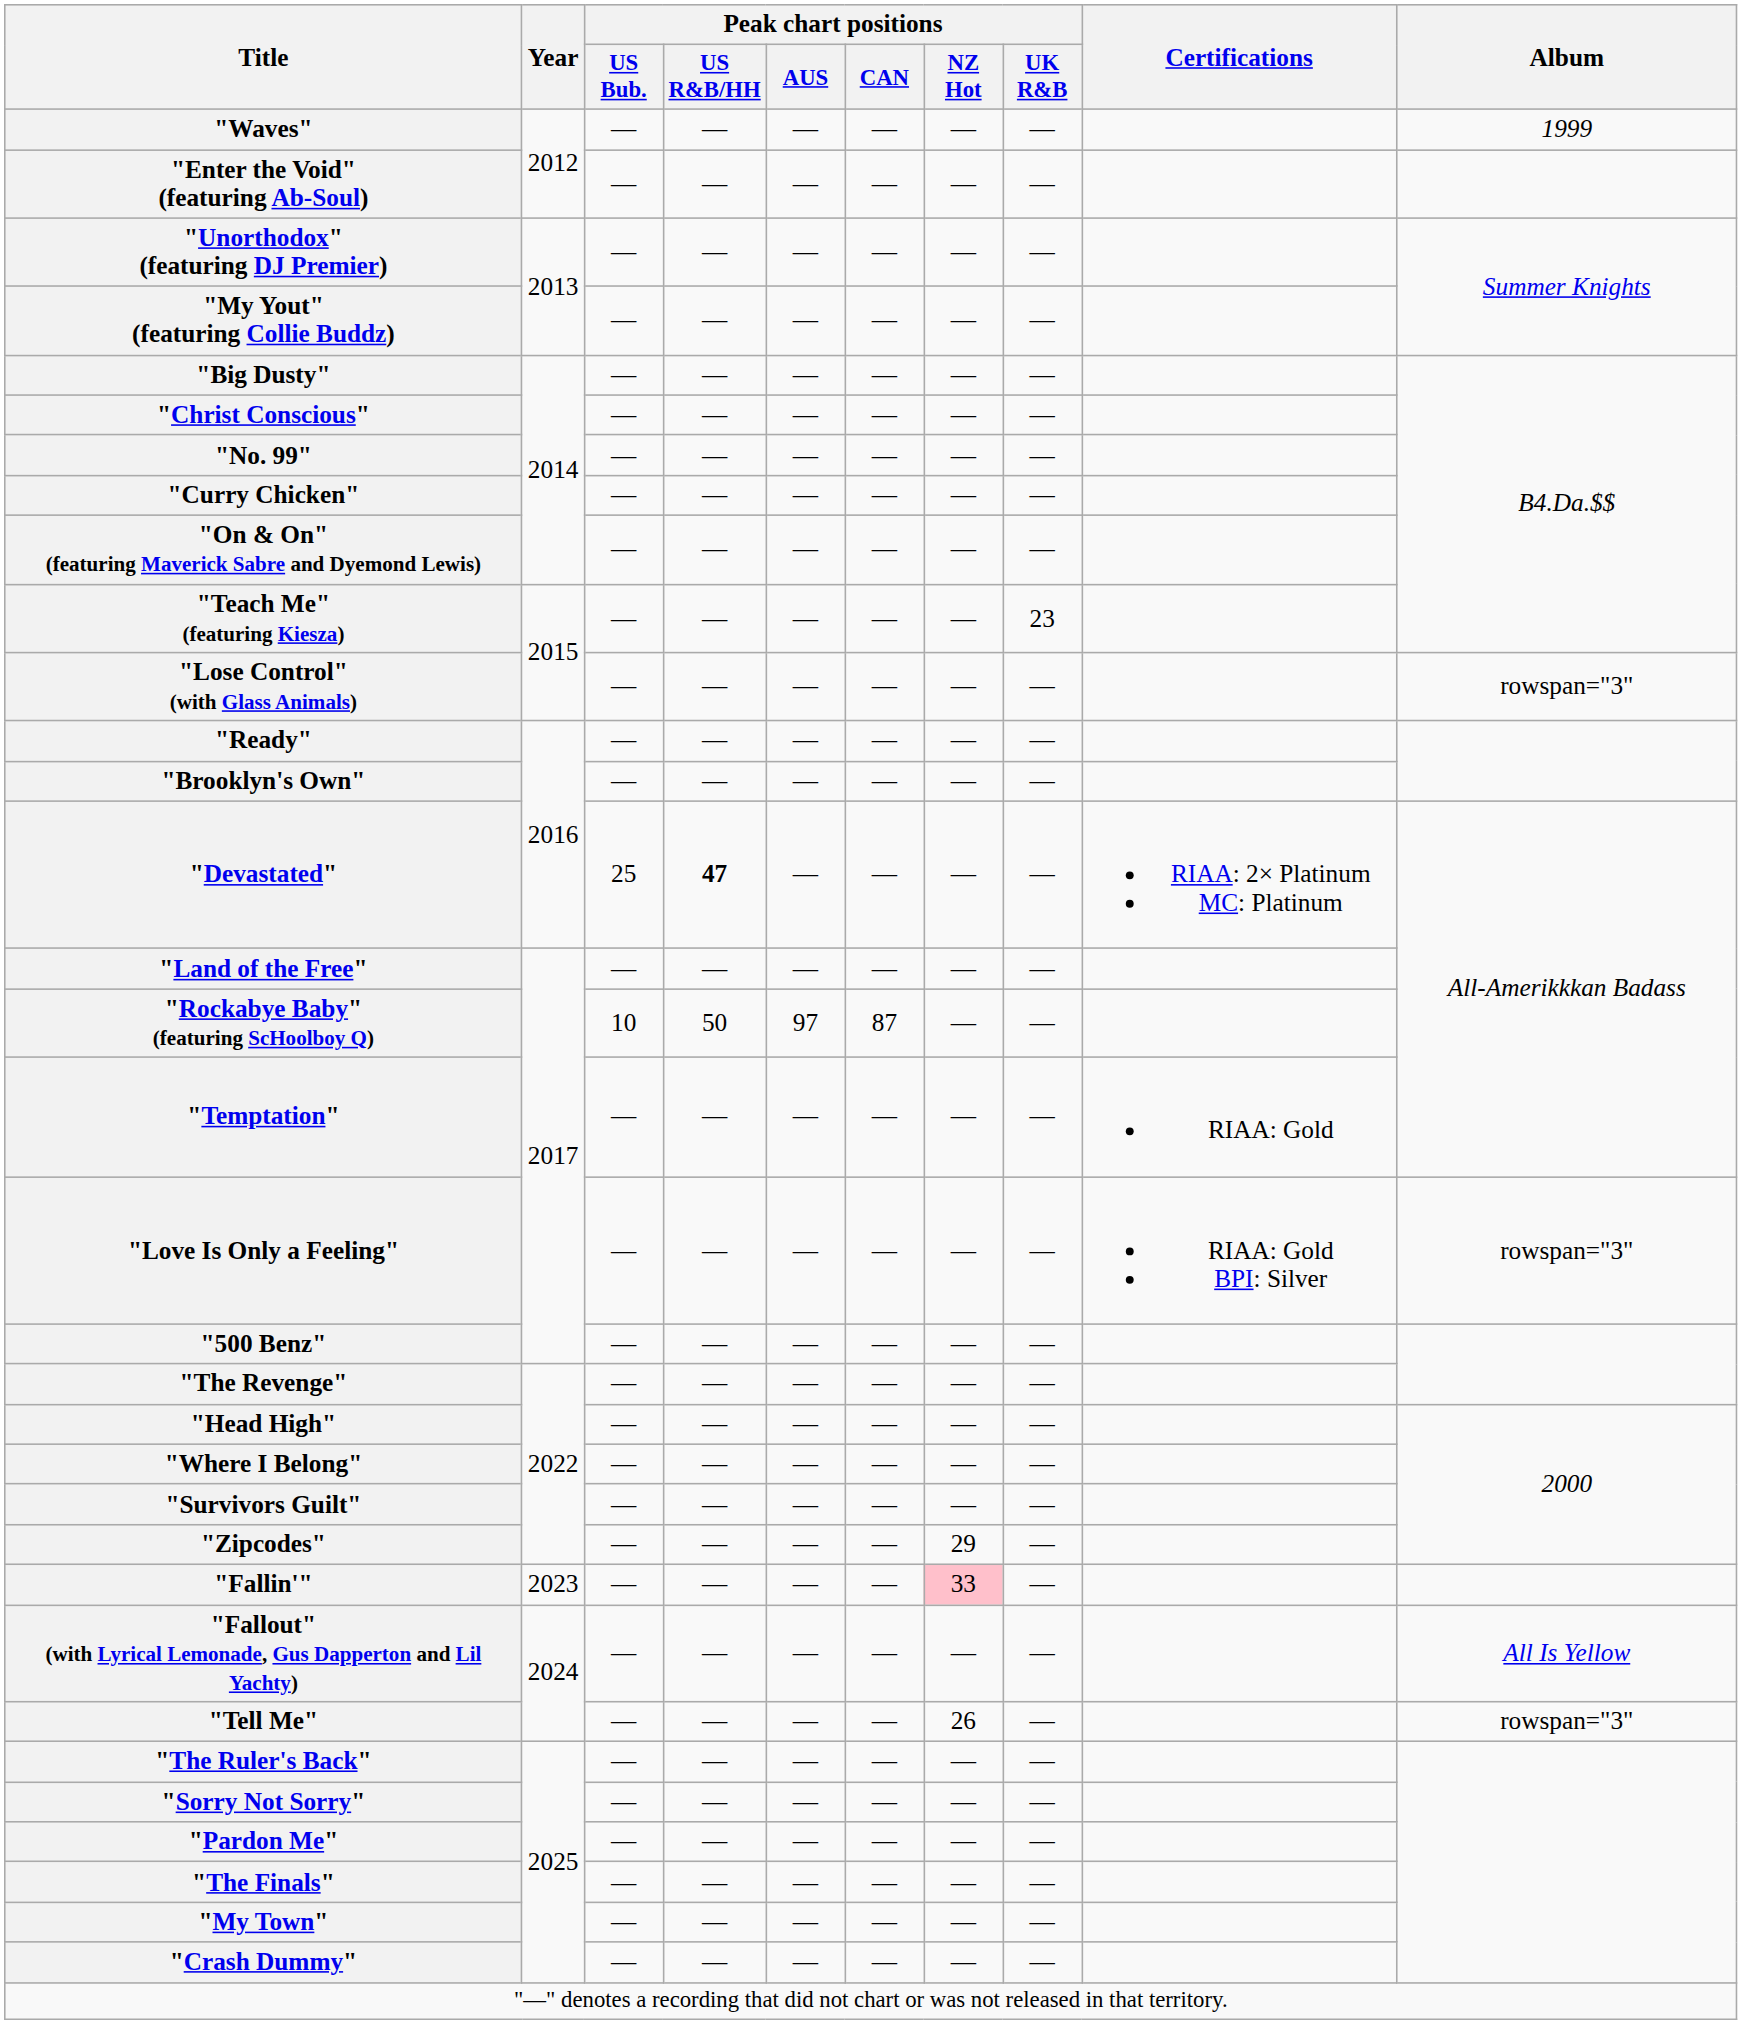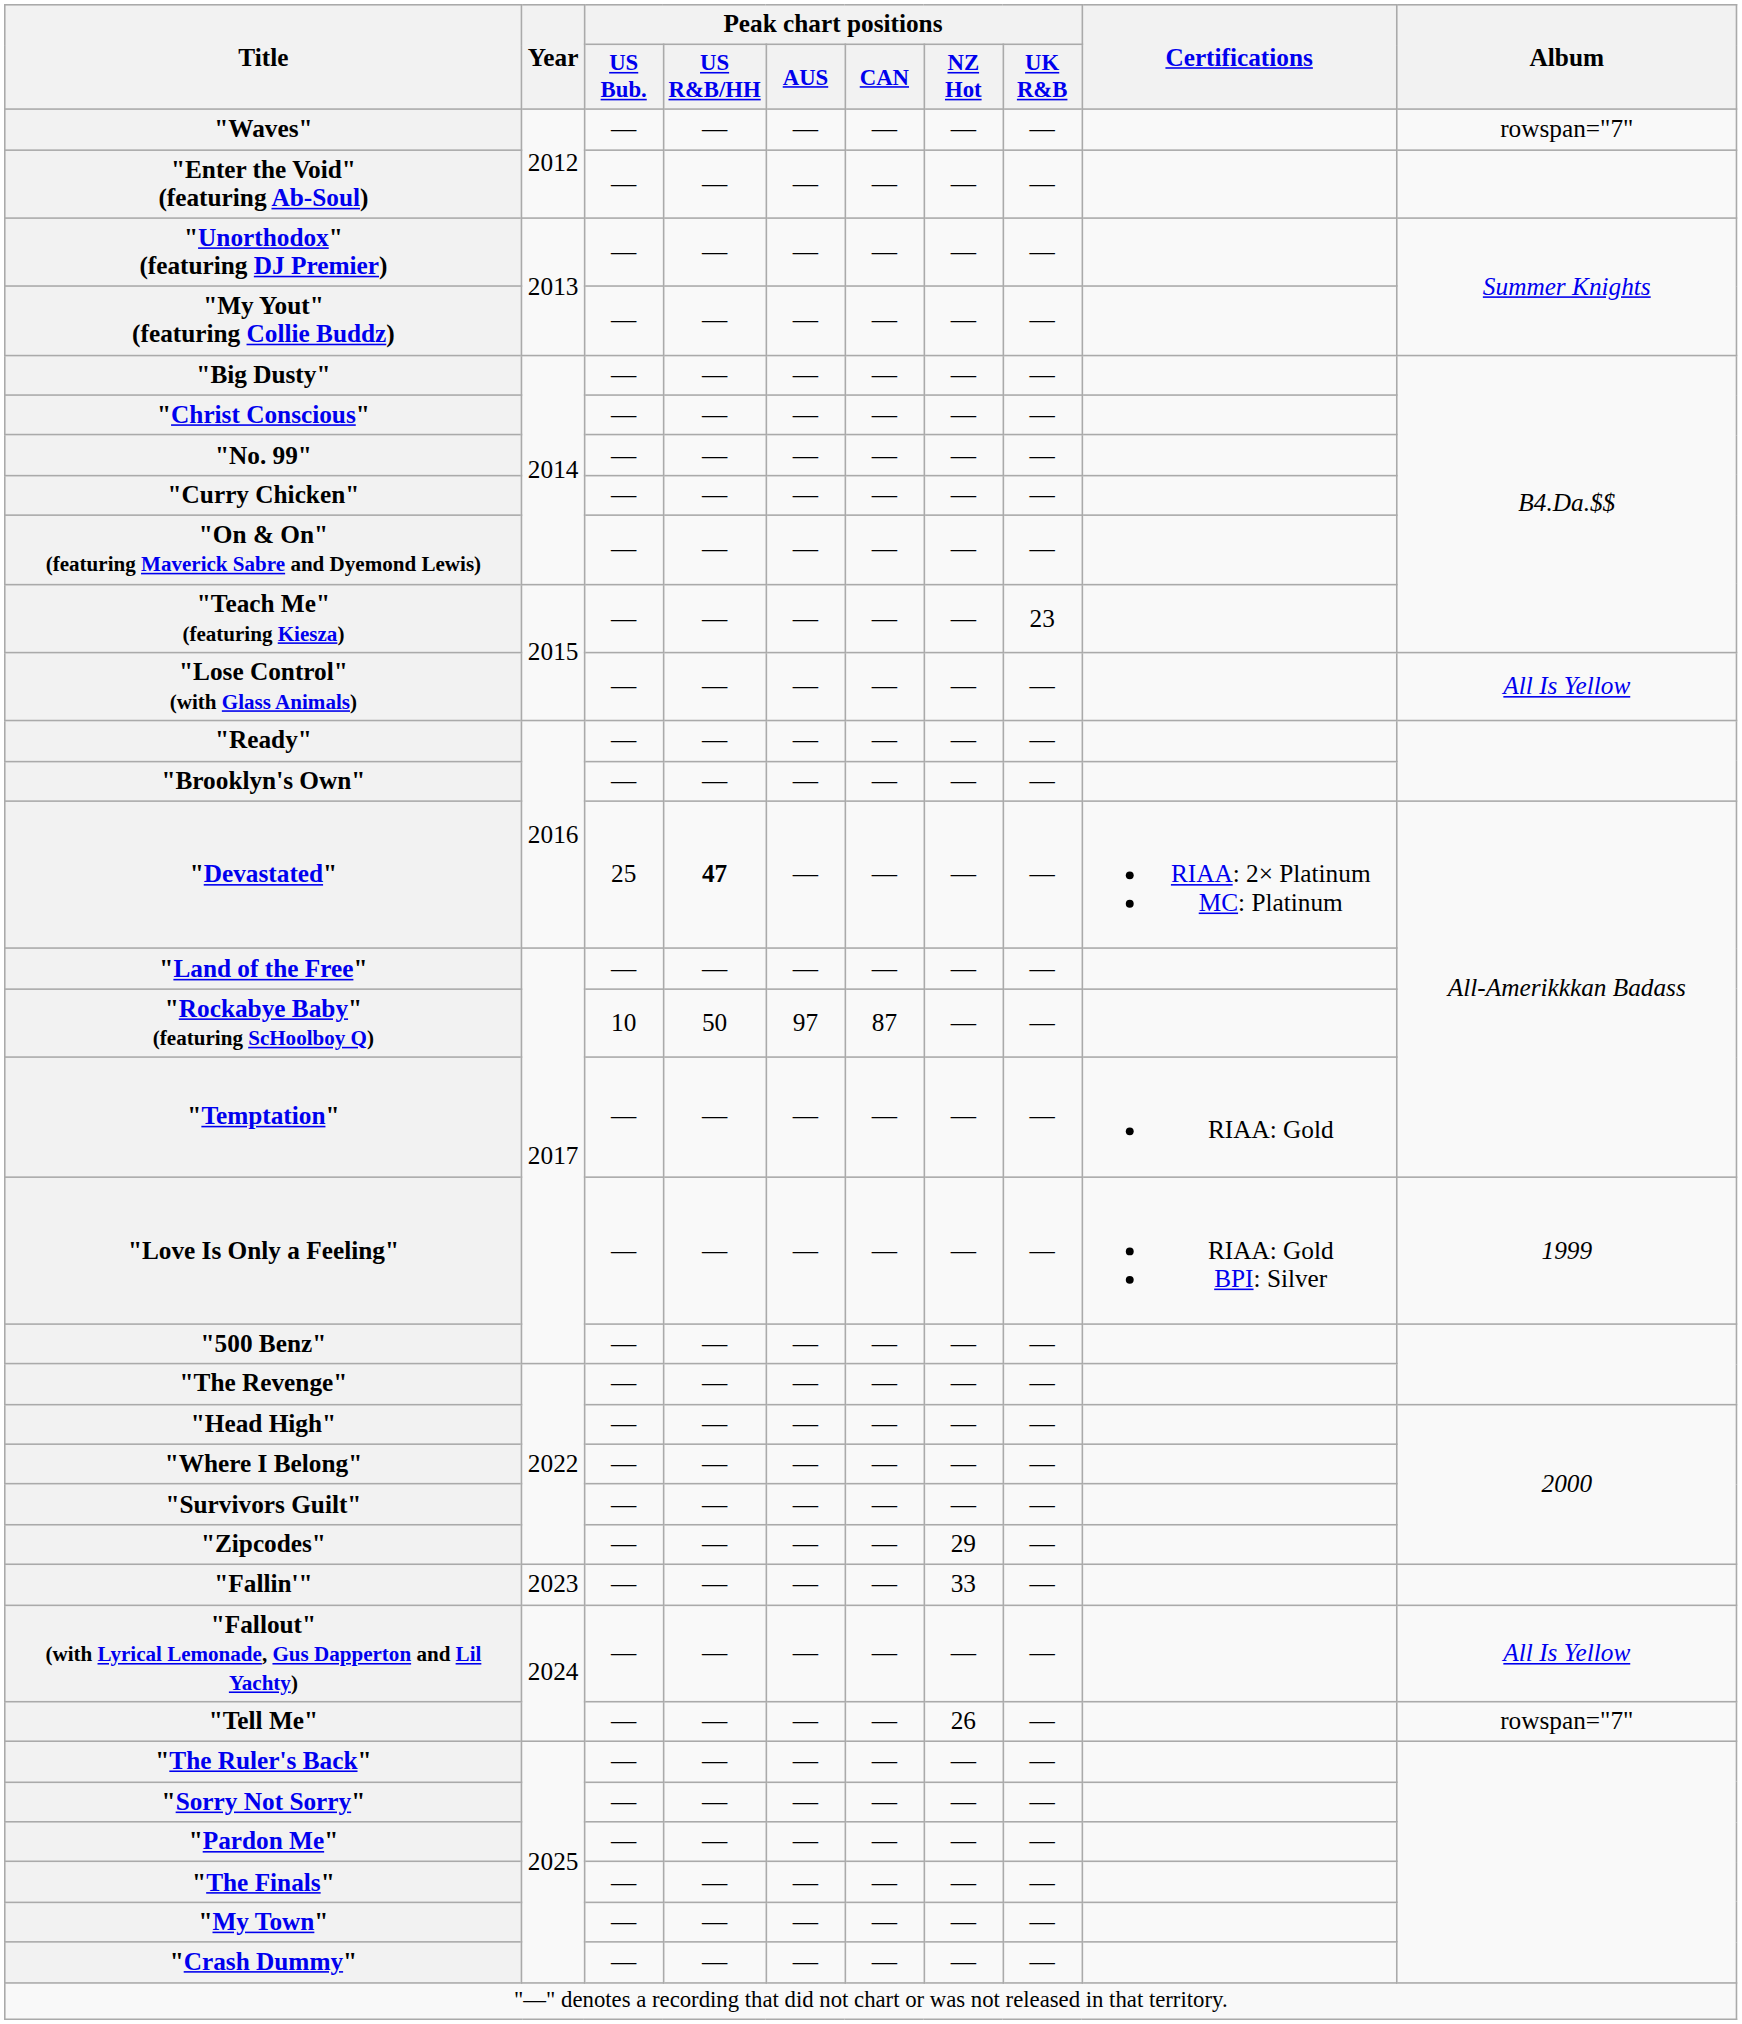 <table class="wikitable plainrowheaders" style="text-align:center;">
 <tr>
 <th scope="col" rowspan="2" style="width:20em;">Title</th>
 <th scope="col" rowspan="2" style="width:1em;">Year</th>
 <th scope="col" colspan="6">Peak chart positions</th>
 <th scope="col" rowspan="2" style="width:12em;"><a href='#'>Certifications</a></th>
 <th scope="col" rowspan="2" style="width:13em;">Album</th>
 </tr>
 <tr>
 <th scope="col" style="width:3em;font-size:90%;"><a href='#'>US<br>Bub.</a><br></th>
 <th scope="col" style="width:3em;font-size:90%;"><a href='#'>US R&B/HH</a><br></th>
 <th scope="col" style="width:3em;font-size:90%;"><a href='#'>AUS</a><br></th>
 <th scope="col" style="width:3em;font-size:90%;"><a href='#'>CAN</a><br></th>
 <th scope="col" style="width:3em;font-size:90%;"><a href='#'>NZ<br>Hot</a><br></th>
 <th scope="col" style="width:3em;font-size:90%;"><a href='#'>UK<br>R&B</a><br></th>
 </tr>
 <tr>
 <th scope="row">"Waves"</th>
 <td rowspan="2">2012</td>
 <td>—</td>
 <td>—</td>
 <td>—</td>
 <td>—</td>
 <td>—</td>
 <td>—</td>
 <td></td>
-<td><em>1999</em></td>
+<td>rowspan="7" </td>
 </tr>
 <tr>
 <th scope="row">"Enter the Void"<br><span>(featuring <a href='#'>Ab-Soul</a>)</span></th>
 <td>—</td>
 <td>—</td>
 <td>—</td>
 <td>—</td>
 <td>—</td>
 <td>—</td>
 <td></td>
 <td></td>
 </tr>
 <tr>
 <th scope="row">"<a href='#'>Unorthodox</a>"<br><span>(featuring <a href='#'>DJ Premier</a>)</span></th>
 <td rowspan="2">2013</td>
 <td>—</td>
 <td>—</td>
 <td>—</td>
 <td>—</td>
 <td>—</td>
 <td>—</td>
 <td></td>
 <td rowspan="2"><em><a href='#'>Summer Knights</a></em></td>
 </tr>
 <tr>
 <th scope="row">"My Yout"<br><span>(featuring <a href='#'>Collie Buddz</a>)</span></th>
 <td>—</td>
 <td>—</td>
 <td>—</td>
 <td>—</td>
 <td>—</td>
 <td>—</td>
 <td></td>
 </tr>
 <tr>
 <th scope="row">"Big Dusty"</th>
 <td rowspan="5">2014</td>
 <td>—</td>
 <td>—</td>
 <td>—</td>
 <td>—</td>
 <td>—</td>
 <td>—</td>
 <td></td>
 <td rowspan="6"><em>B4.Da.$$</em></td>
 </tr>
 <tr>
 <th scope="row">"<a href='#'>Christ Conscious</a>"</th>
 <td>—</td>
 <td>—</td>
 <td>—</td>
 <td>—</td>
 <td>—</td>
 <td>—</td>
 <td></td>
 </tr>
 <tr>
 <th scope="row">"No. 99"</th>
 <td>—</td>
 <td>—</td>
 <td>—</td>
 <td>—</td>
 <td>—</td>
 <td>—</td>
 <td></td>
 </tr>
 <tr>
 <th scope="row">"Curry Chicken"</th>
 <td>—</td>
 <td>—</td>
 <td>—</td>
 <td>—</td>
 <td>—</td>
 <td>—</td>
 <td></td>
 </tr>
 <tr>
 <th scope="row">"On & On"<br><small>(featuring <a href='#'>Maverick Sabre</a> and Dyemond Lewis)</small></th>
 <td>—</td>
 <td>—</td>
 <td>—</td>
 <td>—</td>
 <td>—</td>
 <td>—</td>
 <td></td>
 </tr>
 <tr>
 <th scope="row">"Teach Me"<br><small>(featuring <a href='#'>Kiesza</a>)</small></th>
 <td rowspan="2">2015</td>
 <td>—</td>
 <td>—</td>
 <td>—</td>
 <td>—</td>
 <td>—</td>
 <td>23</td>
 <td></td>
 </tr>
 <tr>
 <th scope="row">"Lose Control"<br><small>(with <a href='#'>Glass Animals</a>)</small></th>
 <td>—</td>
 <td>—</td>
 <td>—</td>
 <td>—</td>
 <td>—</td>
 <td>—</td>
 <td></td>
-<td>rowspan="3" </td>
+<td><em><a href='#'>All Is Yellow</a></em></td>
 </tr>
 <tr>
 <th scope="row">"Ready"</th>
 <td rowspan="3">2016</td>
 <td>—</td>
 <td>—</td>
 <td>—</td>
 <td>—</td>
 <td>—</td>
 <td>—</td>
 <td></td>
 </tr>
 <tr>
 <th scope="row">"Brooklyn's Own"</th>
 <td>—</td>
 <td>—</td>
 <td>—</td>
 <td>—</td>
 <td>—</td>
 <td>—</td>
 <td></td>
 </tr>
 <tr>
 <th scope="row">"<a href='#'>Devastated</a>"</th>
 <td>25</td>
 <td><strong>47</strong></td>
 <td>—</td>
 <td>—</td>
 <td>—</td>
 <td>—</td>
 <td><br><ul><li><a href='#'>RIAA</a>: 2× Platinum</li><li><a href='#'>MC</a>: Platinum</li></ul></td>
 <td rowspan="4"><em>All-Amerikkkan Badass</em></td>
 </tr>
 <tr>
 <th scope="row">"<a href='#'>Land of the Free</a>"</th>
 <td rowspan="5">2017</td>
 <td>—</td>
 <td>—</td>
 <td>—</td>
 <td>—</td>
 <td>—</td>
 <td>—</td>
 <td></td>
 </tr>
 <tr>
 <th scope="row">"<a href='#'>Rockabye Baby</a>"<br><small>(featuring <a href='#'>ScHoolboy Q</a>)</small></th>
 <td>10</td>
 <td>50</td>
 <td>97</td>
 <td>87</td>
 <td>—</td>
 <td>—</td>
 <td></td>
 </tr>
 <tr>
 <th scope="row">"<a href='#'>Temptation</a>"</th>
 <td>—</td>
 <td>—</td>
 <td>—</td>
 <td>—</td>
 <td>—</td>
 <td>—</td>
 <td><br><ul><li>RIAA: Gold</li></ul></td>
 </tr>
 <tr>
 <th scope="row">"Love Is Only a Feeling"</th>
 <td>—</td>
 <td>—</td>
 <td>—</td>
 <td>—</td>
 <td>—</td>
 <td>—</td>
 <td><br><ul><li>RIAA: Gold</li><li><a href='#'>BPI</a>: Silver</li></ul></td>
-<td>rowspan="3" </td>
+<td><em>1999</em></td>
 </tr>
 <tr>
 <th scope="row">"500 Benz"</th>
 <td>—</td>
 <td>—</td>
 <td>—</td>
 <td>—</td>
 <td>—</td>
 <td>—</td>
 <td></td>
 </tr>
 <tr>
 <th scope="row">"The Revenge"</th>
 <td rowspan="5">2022</td>
 <td>—</td>
 <td>—</td>
 <td>—</td>
 <td>—</td>
 <td>—</td>
 <td>—</td>
 <td></td>
 </tr>
 <tr>
 <th scope="row">"Head High"</th>
 <td>—</td>
 <td>—</td>
 <td>—</td>
 <td>—</td>
 <td>—</td>
 <td>—</td>
 <td></td>
 <td rowspan="4"><em>2000</em></td>
 </tr>
 <tr>
 <th scope="row">"Where I Belong"</th>
 <td>—</td>
 <td>—</td>
 <td>—</td>
 <td>—</td>
 <td>—</td>
 <td>—</td>
 <td></td>
 </tr>
 <tr>
 <th scope="row">"Survivors Guilt"</th>
 <td>—</td>
 <td>—</td>
 <td>—</td>
 <td>—</td>
 <td>—</td>
 <td>—</td>
 <td></td>
 </tr>
 <tr>
 <th scope="row">"Zipcodes"</th>
 <td>—</td>
 <td>—</td>
 <td>—</td>
 <td>—</td>
 <td>29</td>
 <td>—</td>
 <td></td>
 </tr>
 <tr>
 <th scope="row">"Fallin'"</th>
 <td>2023</td>
 <td>—</td>
 <td>—</td>
 <td>—</td>
 <td>—</td>
-<td style="background: pink;">33</td>
+<td>33</td>
 <td>—</td>
 <td></td>
 <td></td>
 </tr>
 <tr>
 <th scope="row">"Fallout"<br><small>(with <a href='#'>Lyrical Lemonade</a>, <a href='#'>Gus Dapperton</a> and <a href='#'>Lil Yachty</a>)</small></th>
 <td rowspan="2">2024</td>
 <td>—</td>
 <td>—</td>
 <td>—</td>
 <td>—</td>
 <td>—</td>
 <td>—</td>
 <td></td>
 <td><em><a href='#'>All Is Yellow</a></em></td>
 </tr>
 <tr>
 <th scope="row">"Tell Me"<br></th>
 <td>—</td>
 <td>—</td>
 <td>—</td>
 <td>—</td>
 <td>26</td>
 <td>—</td>
 <td></td>
-<td>rowspan="3" </td>
+<td>rowspan="7" </td>
 </tr>
 <tr>
 <th scope="row">"<a href='#'>The Ruler's Back</a>"</th>
 <td rowspan="6">2025</td>
 <td>—</td>
 <td>—</td>
 <td>—</td>
 <td>—</td>
 <td>—</td>
 <td>—</td>
 <td></td>
 </tr>
 <tr>
 <th scope="row">"<a href='#'>Sorry Not Sorry</a>"</th>
 <td>—</td>
 <td>—</td>
 <td>—</td>
 <td>—</td>
 <td>—</td>
 <td>—</td>
 <td></td>
 </tr>
 <tr>
 <th scope="row">"<a href='#'>Pardon Me</a>"</th>
 <td>—</td>
 <td>—</td>
 <td>—</td>
 <td>—</td>
 <td>—</td>
 <td>—</td>
 <td></td>
 </tr>
 <tr>
 <th scope="row">"<a href='#'>The Finals</a>"</th>
 <td>—</td>
 <td>—</td>
 <td>—</td>
 <td>—</td>
 <td>—</td>
 <td>—</td>
 <td></td>
 </tr>
 <tr>
 <th scope="row">"<a href='#'>My Town</a>"<br></th>
 <td>—</td>
 <td>—</td>
 <td>—</td>
 <td>—</td>
 <td>—</td>
 <td>—</td>
 <td></td>
 </tr>
 <tr>
 <th scope="row">"<a href='#'>Crash Dummy</a>"</th>
 <td>—</td>
 <td>—</td>
 <td>—</td>
 <td>—</td>
 <td>—</td>
 <td>—</td>
 <td></td>
 </tr>
 <tr>
 <td colspan="10" style="font-size:90%">"—" denotes a recording that did not chart or was not released in that territory.</td>
 </tr>
 </table>
